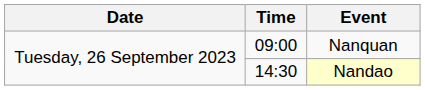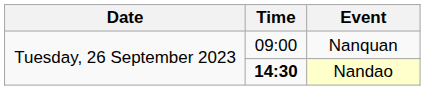 <table class=wikitable style="text-align:center;">
 <tr>
 <th width=220>Date</th>
 <th width=50>Time</th>
 <th width=100>Event</th>
 </tr>
 <tr>
 <td rowspan=2>Tuesday, 26 September 2023</td>
 <td>09:00</td>
 <td>Nanquan</td>
 </tr>
 <tr>
-<td>14:30</td>
+<td><strong>14:30</strong></td>
 <td bgcolor="ffffcc">Nandao</td>
 </tr>
 </table>
